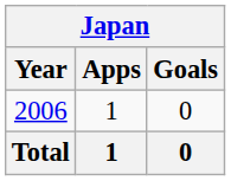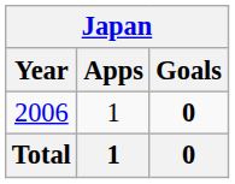 <table class="wikitable" style="text-align:center">
 <tr>
 <th colspan=3><a href='#'>Japan</a></th>
 </tr>
 <tr>
 <th>Year</th>
 <th>Apps</th>
 <th>Goals</th>
 </tr>
 <tr>
 <td><a href='#'>2006</a></td>
 <td>1</td>
-<td>0</td>
+<td><strong>0</strong></td>
 </tr>
 <tr>
 <th>Total</th>
 <th>1</th>
 <th>0</th>
 </tr>
 </table>
